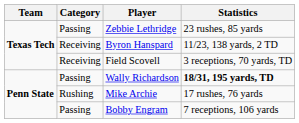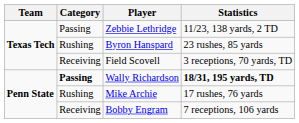 <table class="wikitable" style="float: right;">
 <tr>
 <th>Team</th>
 <th>Category</th>
 <th>Player</th>
 <th>Statistics</th>
 </tr>
 <tr>
 <td rowspan=3><strong>Texas Tech</strong></td>
 <td>Passing</td>
 <td><a href='#'>Zebbie Lethridge</a></td>
-<td>23 rushes, 85 yards</td>
+<td>11/23, 138 yards, 2 TD</td>
 </tr>
 <tr>
-<td>Receiving</td>
+<td>Rushing</td>
 <td><a href='#'>Byron Hanspard</a></td>
-<td>11/23, 138 yards, 2 TD</td>
+<td>23 rushes, 85 yards</td>
 </tr>
 <tr>
 <td>Receiving</td>
 <td>Field Scovell</td>
 <td>3 receptions, 70 yards, TD</td>
 </tr>
 <tr>
 <td rowspan=3><strong>Penn State</strong></td>
-<td>Passing</td>
+<td><strong>Passing</strong></td>
 <td><a href='#'>Wally Richardson</a></td>
 <td><strong>18/31, 195 yards, TD</strong></td>
 </tr>
 <tr>
 <td>Rushing</td>
 <td><a href='#'>Mike Archie</a></td>
 <td>17 rushes, 76 yards</td>
 </tr>
 <tr>
-<td>Passing</td>
+<td>Receiving</td>
 <td><a href='#'>Bobby Engram</a></td>
 <td>7 receptions, 106 yards</td>
 </tr>
 </table>
